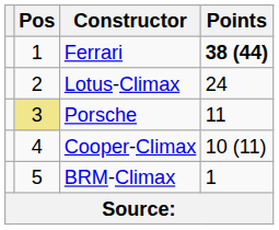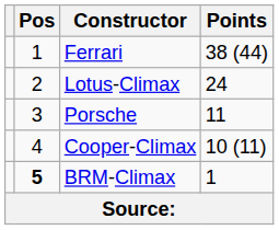 <table class="wikitable" style="font-size: 95%;">
 <tr>
 <th></th>
 <th>Pos</th>
 <th>Constructor</th>
 <th>Points</th>
 </tr>
 <tr>
 <td align="left"></td>
 <td align="center">1</td>
 <td> <a href='#'>Ferrari</a></td>
-<td align="left"><strong>38 (44)</strong></td>
+<td align="left">38 (44)</td>
 </tr>
 <tr>
 <td align="left"></td>
 <td align="center">2</td>
 <td> <a href='#'>Lotus</a>-<a href='#'>Climax</a></td>
 <td align="left">24</td>
 </tr>
 <tr>
 <td align="left"></td>
-<td align="center" style="background: khaki;">3</td>
+<td align="center">3</td>
 <td> <a href='#'>Porsche</a></td>
 <td align="left">11</td>
 </tr>
 <tr>
 <td align="left"></td>
 <td align="center">4</td>
 <td> <a href='#'>Cooper</a>-<a href='#'>Climax</a></td>
 <td align="left">10 (11)</td>
 </tr>
 <tr>
 <td align="left"></td>
-<td align="center">5</td>
+<td align="center"><strong>5</strong></td>
 <td> <a href='#'>BRM</a>-<a href='#'>Climax</a></td>
 <td align="left">1</td>
 </tr>
 <tr>
 <th colspan=4>Source: </th>
 </tr>
 </table>
